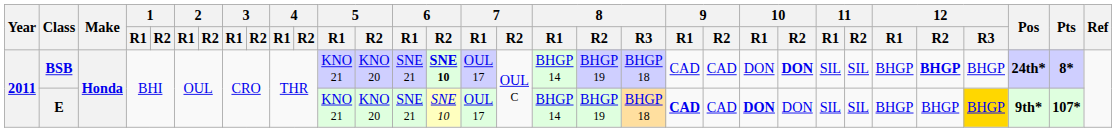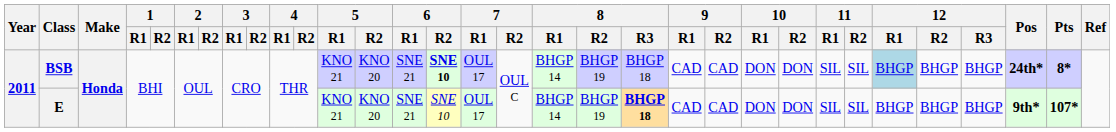 <table class="wikitable" style="text-align:center; ">
 <tr>
 <th valign="middle" rowspan=2>Year</th>
 <th valign="middle" rowspan=2>Class</th>
 <th valign="middle" rowspan=2>Make</th>
 <th colspan=2>1</th>
 <th colspan=2>2</th>
 <th colspan=2>3</th>
 <th colspan=2>4</th>
 <th colspan=2>5</th>
 <th colspan=2>6</th>
 <th colspan=2>7</th>
 <th colspan=3>8</th>
 <th colspan=2>9</th>
 <th colspan=2>10</th>
 <th colspan=2>11</th>
 <th colspan=3>12</th>
 <th rowspan=2>Pos</th>
 <th rowspan=2>Pts</th>
 <th rowspan=2>Ref</th>
 </tr>
 <tr>
 <th>R1</th>
 <th>R2</th>
 <th>R1</th>
 <th>R2</th>
 <th>R1</th>
 <th>R2</th>
 <th>R1</th>
 <th>R2</th>
 <th>R1</th>
 <th>R2</th>
 <th>R1</th>
 <th>R2</th>
 <th>R1</th>
 <th>R2</th>
 <th>R1</th>
 <th>R2</th>
 <th>R3</th>
 <th>R1</th>
 <th>R2</th>
 <th>R1</th>
 <th>R2</th>
 <th>R1</th>
 <th>R2</th>
 <th>R1</th>
 <th>R2</th>
 <th>R3</th>
 </tr>
 <tr>
 <th rowspan=2><a href='#'>2011</a></th>
 <th><a href='#'>BSB</a></th>
 <th rowspan=2><a href='#'>Honda</a></th>
 <td rowspan=2 colspan=2><a href='#'>BHI</a></td>
 <td rowspan=2 colspan=2><a href='#'>OUL</a></td>
 <td rowspan=2 colspan=2><a href='#'>CRO</a></td>
 <td rowspan=2 colspan=2><a href='#'>THR</a></td>
 <td style="background:#CFCFFF;"><a href='#'>KNO</a><br><small>21</small></td>
 <td style="background:#CFCFFF;"><a href='#'>KNO</a><br><small>20</small></td>
 <td style="background:#CFCFFF;"><a href='#'>SNE</a><br><small>21</small></td>
 <td style="background:#DFFFDF;"><strong><a href='#'>SNE</a><br><small>10</small></strong></td>
 <td style="background:#CFCFFF;"><a href='#'>OUL</a><br><small>17</small></td>
 <td rowspan=2><a href='#'>OUL</a><br><small>C</small></td>
 <td style="background:#DFFFDF;"><a href='#'>BHGP</a><br><small>14</small></td>
 <td style="background:#CFCFFF;"><a href='#'>BHGP</a><br><small>19</small></td>
 <td style="background:#CFCFFF;"><a href='#'>BHGP</a><br><small>18</small></td>
 <td><a href='#'>CAD</a><br></td>
 <td><a href='#'>CAD</a><br></td>
 <td><a href='#'>DON</a><br></td>
-<td><strong><a href='#'>DON</a><br></strong></td>
+<td><a href='#'>DON</a><br></td>
 <td><a href='#'>SIL</a><br></td>
 <td><a href='#'>SIL</a><br></td>
+<td style="background: lightblue;"><a href='#'>BHGP</a><br></td>
 <td><a href='#'>BHGP</a><br></td>
-<td><strong><a href='#'>BHGP</a><br></strong></td>
 <td><a href='#'>BHGP</a><br></td>
 <td style="background:#CFCFFF;"><strong>24th*</strong></td>
 <td style="background:#CFCFFF;"><strong>8*</strong></td>
 <td rowspan=2></td>
 </tr>
 <tr>
 <th><strong><span>E</span></strong></th>
 <td style="background:#DFFFDF;"><a href='#'>KNO</a><br><small>21</small></td>
 <td style="background:#DFFFDF;"><a href='#'>KNO</a><br><small>20</small></td>
 <td style="background:#DFFFDF;"><a href='#'>SNE</a><br><small>21</small></td>
 <td style="background:#FFFFBF;"><em><a href='#'>SNE</a><br><small>10</small></em></td>
 <td style="background:#DFFFDF;"><a href='#'>OUL</a><br><small>17</small></td>
 <td style="background:#DFFFDF;"><a href='#'>BHGP</a><br><small>14</small></td>
 <td style="background:#DFFFDF;"><a href='#'>BHGP</a><br><small>19</small></td>
-<td style="background:#FFDF9F;"><a href='#'>BHGP</a><br><small>18</small></td>
-<td><strong><a href='#'>CAD</a><br></strong></td>
+<td style="background:#FFDF9F;"><strong><a href='#'>BHGP</a><br><small>18</small></strong></td>
 <td><a href='#'>CAD</a><br></td>
-<td><strong><a href='#'>DON</a><br></strong></td>
+<td><a href='#'>CAD</a><br></td>
+<td><a href='#'>DON</a><br></td>
 <td><a href='#'>DON</a><br></td>
 <td><a href='#'>SIL</a><br></td>
 <td><a href='#'>SIL</a><br></td>
 <td><a href='#'>BHGP</a><br></td>
 <td><a href='#'>BHGP</a><br></td>
-<td style="background: gold;"><a href='#'>BHGP</a><br></td>
+<td><a href='#'>BHGP</a><br></td>
 <td style="background:#DFFFDF;"><strong>9th*</strong></td>
 <td style="background:#DFFFDF;"><strong>107*</strong></td>
 </tr>
 </table>
